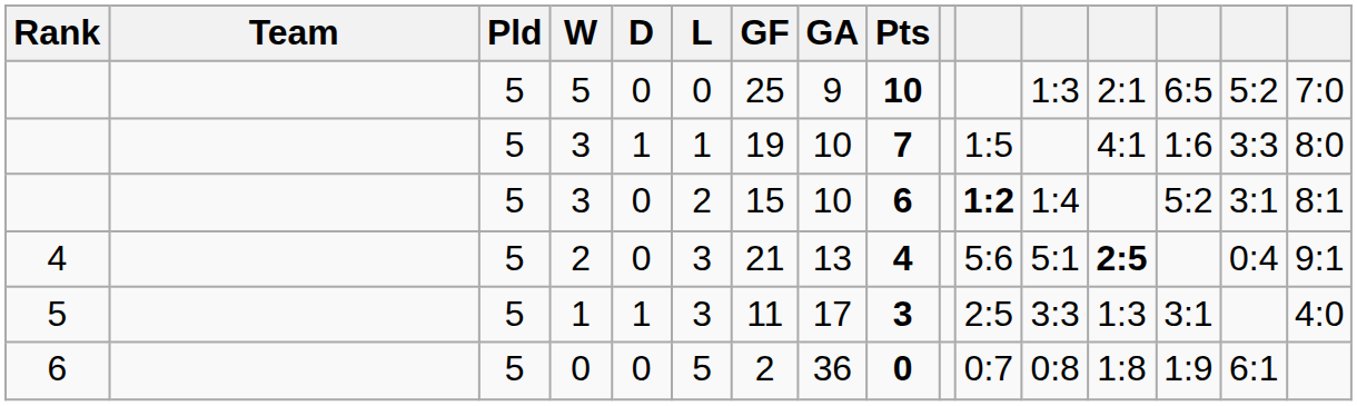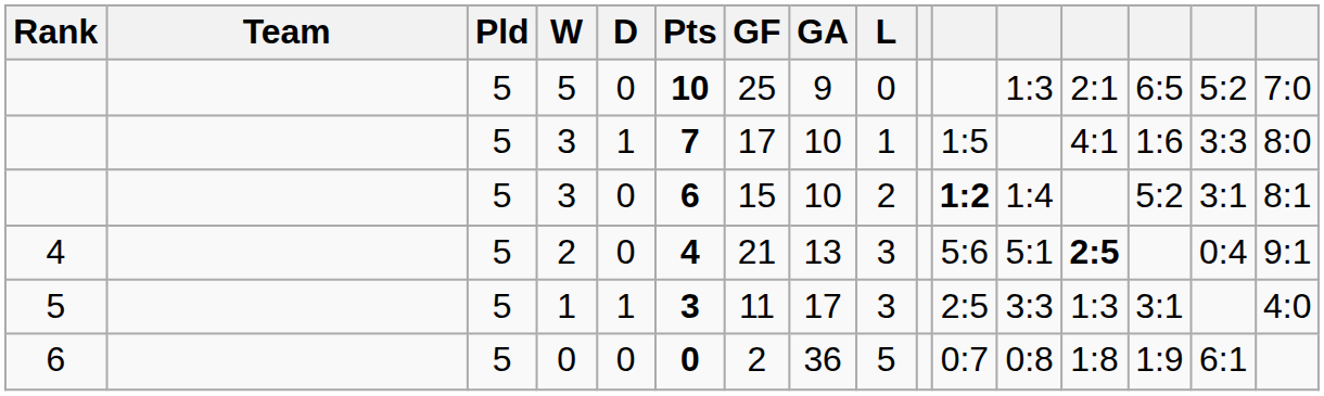 <table class="wikitable">
 <tr>
 <th bgcolor="#efefef">Rank</th>
 <th bgcolor="#efefef" width="160">Team</th>
 <th bgcolor="#efefef" width="20">Pld</th>
 <th bgcolor="#efefef" width="20">W</th>
 <th bgcolor="#efefef" width="20">D</th>
-<th bgcolor="#efefef" width="20">L</th>
+<th bgcolor="#efefef" width="20">Pts</th>
 <th bgcolor="#efefef" width="20">GF</th>
 <th bgcolor="#efefef" width="20">GA</th>
-<th bgcolor="#efefef" width="20">Pts</th>
+<th bgcolor="#efefef" width="20">L</th>
 <th bgcolor="#efefef"></th>
 <th bgcolor="#efefef" width="20"></th>
 <th bgcolor="#efefef" width="20"></th>
 <th bgcolor="#efefef" width="20"></th>
 <th bgcolor="#efefef" width="20"></th>
 <th bgcolor="#efefef" width="20"></th>
 <th bgcolor="#efefef" width="20"></th>
 </tr>
 <tr align=center>
 <td></td>
 <td align=left></td>
 <td>5</td>
 <td>5</td>
 <td>0</td>
-<td>0</td>
+<td><strong>10</strong></td>
 <td>25</td>
 <td>9</td>
-<td><strong>10</strong></td>
+<td>0</td>
 <td></td>
 <td></td>
 <td>1:3</td>
 <td>2:1</td>
 <td>6:5</td>
 <td>5:2</td>
 <td>7:0</td>
 </tr>
 <tr align=center>
 <td></td>
 <td align=left></td>
 <td>5</td>
 <td>3</td>
 <td>1</td>
+<td><strong>7</strong></td>
+<td>17</td>
+<td>10</td>
 <td>1</td>
-<td>19</td>
-<td>10</td>
-<td><strong>7</strong></td>
 <td></td>
 <td>1:5</td>
 <td></td>
 <td>4:1</td>
 <td>1:6</td>
 <td>3:3</td>
 <td>8:0</td>
 </tr>
 <tr align=center>
 <td></td>
 <td align=left></td>
 <td>5</td>
 <td>3</td>
 <td>0</td>
-<td>2</td>
+<td><strong>6</strong></td>
 <td>15</td>
 <td>10</td>
-<td><strong>6</strong></td>
+<td>2</td>
 <td></td>
 <td><strong>1:2</strong></td>
 <td>1:4</td>
 <td></td>
 <td>5:2</td>
 <td>3:1</td>
 <td>8:1</td>
 </tr>
 <tr align=center>
 <td>4</td>
 <td align=left></td>
 <td>5</td>
 <td>2</td>
 <td>0</td>
-<td>3</td>
+<td><strong>4</strong></td>
 <td>21</td>
 <td>13</td>
-<td><strong>4</strong></td>
+<td>3</td>
 <td></td>
 <td>5:6</td>
 <td>5:1</td>
 <td><strong>2:5</strong></td>
 <td></td>
 <td>0:4</td>
 <td>9:1</td>
 </tr>
 <tr align=center>
 <td>5</td>
 <td align=left></td>
 <td>5</td>
 <td>1</td>
 <td>1</td>
-<td>3</td>
+<td><strong>3</strong></td>
 <td>11</td>
 <td>17</td>
-<td><strong>3</strong></td>
+<td>3</td>
 <td></td>
 <td>2:5</td>
 <td>3:3</td>
 <td>1:3</td>
 <td>3:1</td>
 <td></td>
 <td>4:0</td>
 </tr>
 <tr align=center>
 <td>6</td>
 <td align=left></td>
 <td>5</td>
 <td>0</td>
 <td>0</td>
-<td>5</td>
+<td><strong>0</strong></td>
 <td>2</td>
 <td>36</td>
-<td><strong>0</strong></td>
+<td>5</td>
 <td></td>
 <td>0:7</td>
 <td>0:8</td>
 <td>1:8</td>
 <td>1:9</td>
 <td>6:1</td>
 <td></td>
 </tr>
 </table>
